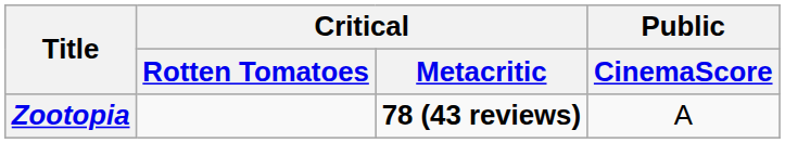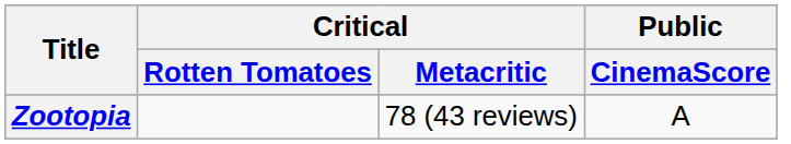 <table class="wikitable plainrowheaders sortable" style="text-align: center">
 <tr>
 <th scope="col" rowspan="2">Title</th>
 <th scope="col" colspan="2">Critical</th>
 <th scope="col">Public</th>
 </tr>
 <tr>
 <th scope="col"><a href='#'>Rotten Tomatoes</a></th>
 <th scope="col"><a href='#'>Metacritic</a></th>
 <th scope="col"><a href='#'>CinemaScore</a></th>
 </tr>
 <tr>
 <th scope="row"><em><a href='#'>Zootopia</a></em></th>
 <td></td>
-<td><strong>78 (43 reviews)</strong></td>
+<td>78 (43 reviews)</td>
 <td>A</td>
 </tr>
 </table>
